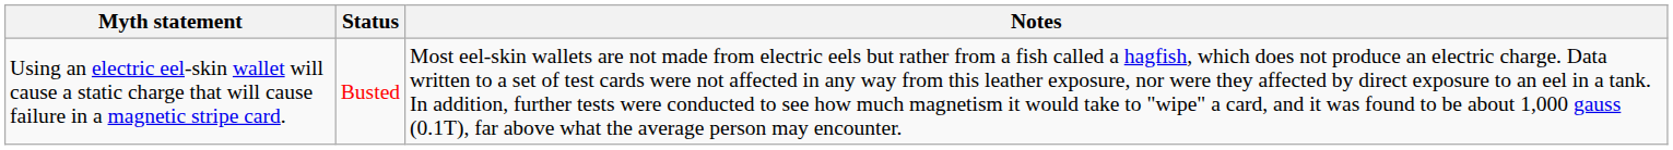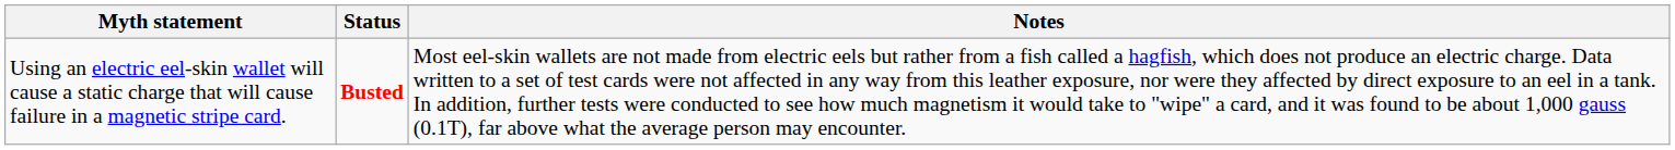 <table class="wikitable plainrowheaders">
 <tr>
 <th>Myth statement</th>
 <th>Status</th>
 <th>Notes</th>
 </tr>
 <tr>
 <td>Using an <a href='#'>electric eel</a>-skin <a href='#'>wallet</a> will cause a static charge that will cause failure in a <a href='#'>magnetic stripe card</a>.</td>
-<td style="color:red">Busted</td>
+<td style="color:red"><strong>Busted</strong></td>
 <td>Most eel-skin wallets are not made from electric eels but rather from a fish called a <a href='#'>hagfish</a>, which does not produce an electric charge. Data written to a set of test cards were not affected in any way from this leather exposure, nor were they affected by direct exposure to an eel in a tank. In addition, further tests were conducted to see how much magnetism it would take to "wipe" a card, and it was found to be about 1,000 <a href='#'>gauss</a> (0.1T), far above what the average person may encounter.</td>
 </tr>
 </table>
